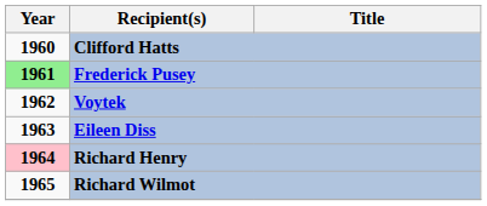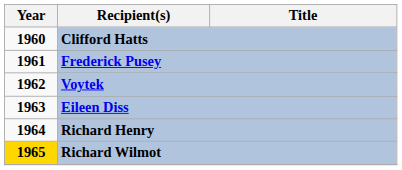 <table class="wikitable" width="70%">
 <tr>
 <th width=5%>Year</th>
 <th width=20%><strong>Recipient(s)</strong></th>
 <th width=25%><strong>Title</strong></th>
 </tr>
 <tr>
 <td style="text-align:center;"><strong>1960</strong></td>
 <td colspan="2" style="background:#B0C4DE;"><strong>Clifford Hatts</strong></td>
 </tr>
 <tr>
-<td style="background: lightgreen; text-align:center;"><strong>1961</strong></td>
+<td style="text-align:center;"><strong>1961</strong></td>
 <td colspan="2" style="background:#B0C4DE;"><strong><a href='#'>Frederick Pusey</a></strong></td>
 </tr>
 <tr>
 <td style="text-align:center;"><strong>1962</strong></td>
 <td colspan="2" style="background:#B0C4DE;"><strong><a href='#'>Voytek</a></strong></td>
 </tr>
 <tr>
 <td style="text-align:center;"><strong>1963</strong></td>
 <td colspan="2" style="background:#B0C4DE;"><strong><a href='#'>Eileen Diss</a></strong></td>
 </tr>
 <tr>
-<td style="background: pink; text-align:center;"><strong>1964</strong></td>
+<td style="text-align:center;"><strong>1964</strong></td>
 <td colspan="2" style="background:#B0C4DE;"><strong>Richard Henry</strong></td>
 </tr>
 <tr>
-<td style="text-align:center;"><strong>1965</strong></td>
+<td style="background: gold; text-align:center;"><strong>1965</strong></td>
 <td colspan="2" style="background:#B0C4DE;"><strong>Richard Wilmot</strong></td>
 </tr>
 <tr>
 </tr>
 </table>
